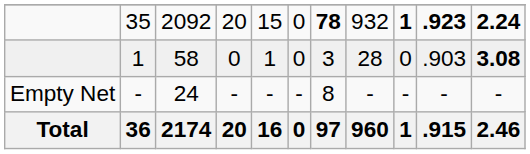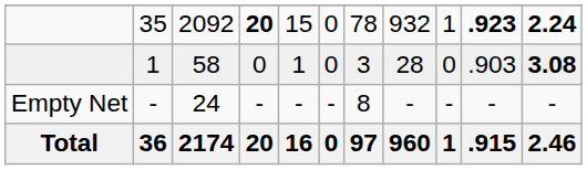 <table class="wikitable sortable">
 <tr align="center">
 </tr>
 <tr align="center" bgcolor="">
 <td></td>
 <td>35</td>
 <td>2092</td>
-<td>20</td>
+<td><strong>20</strong></td>
 <td>15</td>
 <td>0</td>
-<td><strong>78</strong></td>
+<td>78</td>
 <td>932</td>
-<td><strong>1</strong></td>
+<td>1</td>
 <td><strong>.923</strong></td>
 <td><strong>2.24</strong></td>
 </tr>
 <tr align="center" bgcolor="f0f0f0">
 <td></td>
 <td>1</td>
 <td>58</td>
 <td>0</td>
 <td>1</td>
 <td>0</td>
 <td>3</td>
 <td>28</td>
 <td>0</td>
 <td>.903</td>
 <td><strong>3.08</strong></td>
 </tr>
 <tr align="center" bgcolor="">
 <td>Empty Net</td>
 <td>-</td>
 <td>24</td>
 <td>-</td>
 <td>-</td>
 <td>-</td>
 <td>8</td>
 <td>-</td>
 <td>-</td>
 <td>-</td>
 <td>-</td>
 </tr>
 <tr>
 <th>Total</th>
 <th>36</th>
 <th>2174</th>
 <th>20</th>
 <th>16</th>
 <th>0</th>
 <th>97</th>
 <th>960</th>
 <th>1</th>
 <th>.915</th>
 <th>2.46</th>
 </tr>
 </table>
